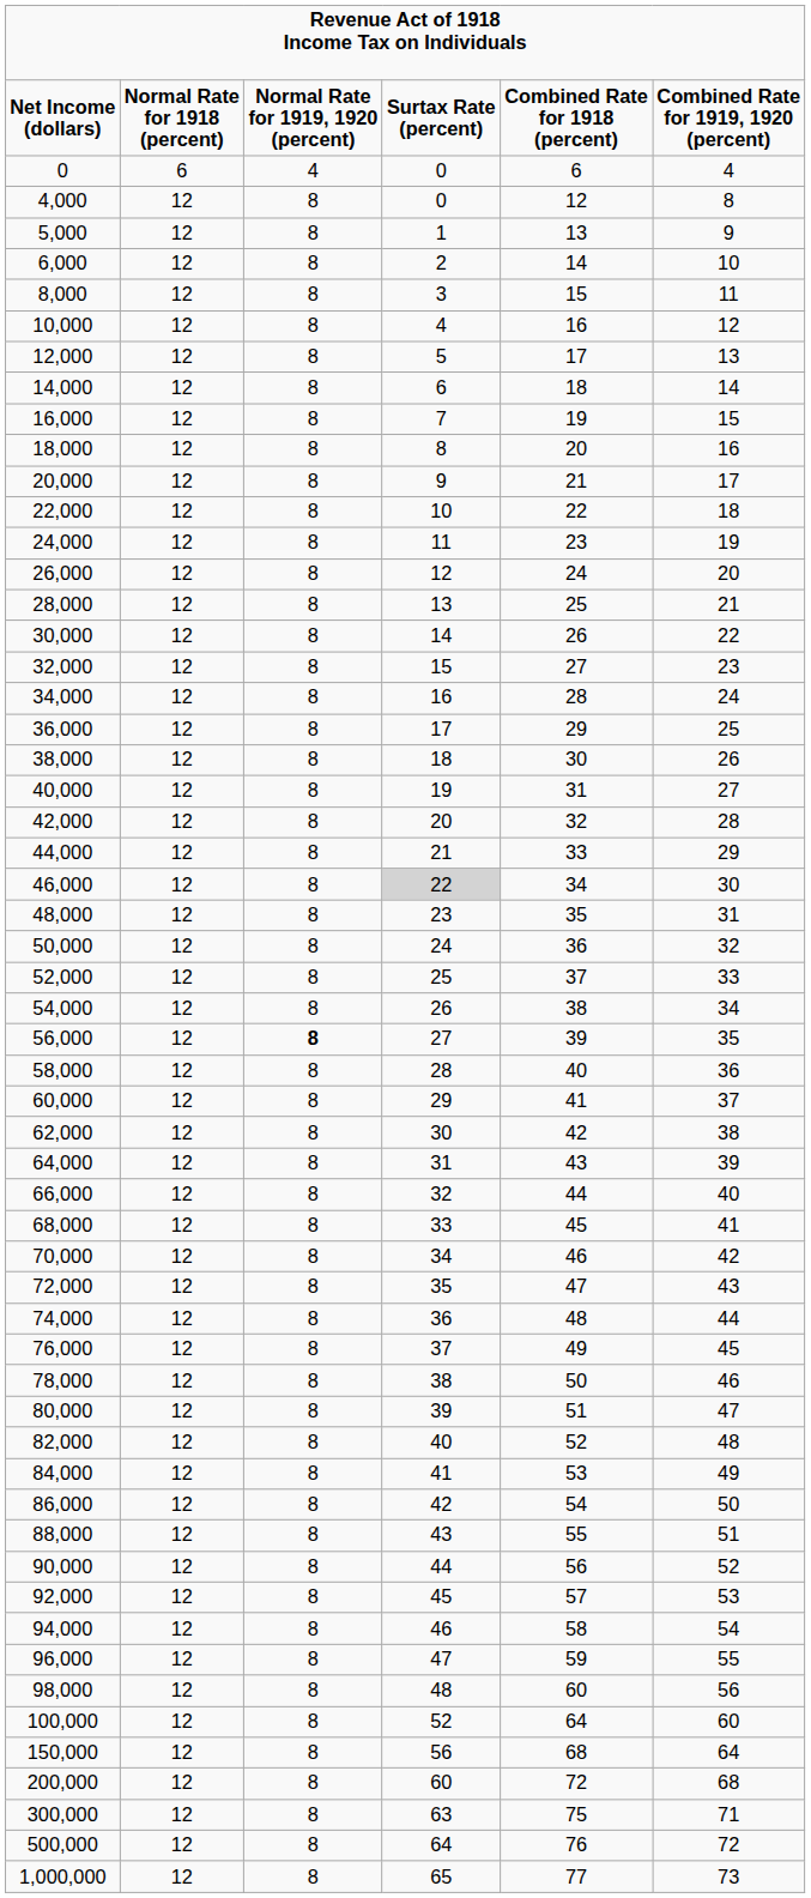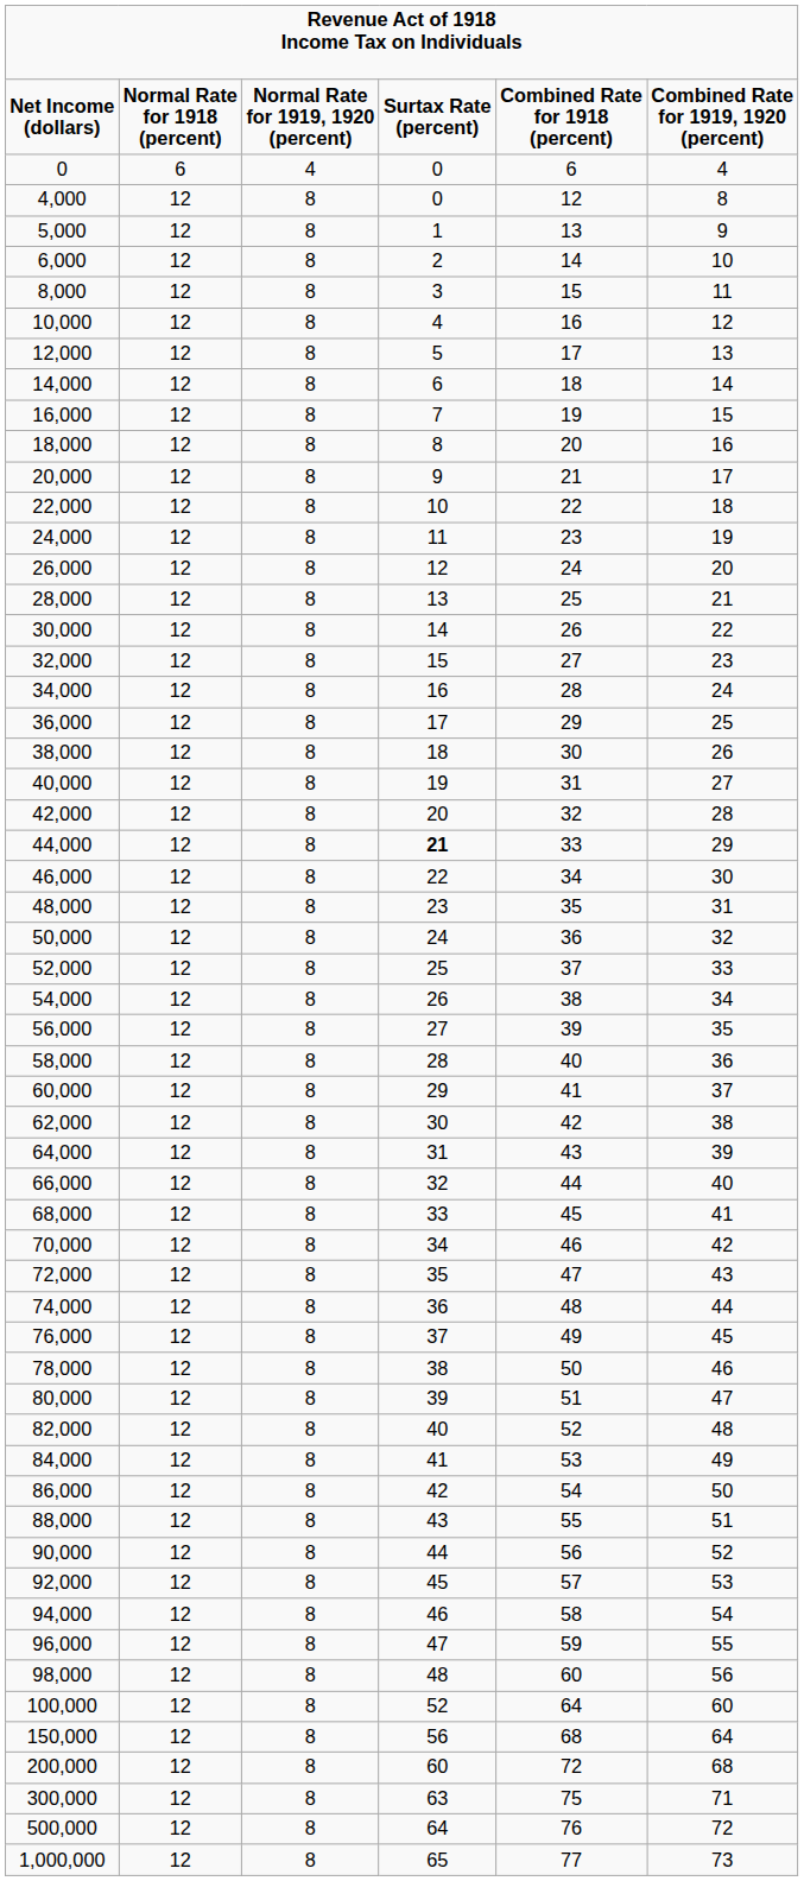 <table class="wikitable" style="text-align: center;">
 <tr>
 <td colspan="6"><strong>Revenue Act of 1918<br>Income Tax on Individuals</strong><br><br> </td>
 </tr>
 <tr>
 <td><strong>Net Income<br>(dollars)</strong></td>
 <td><strong>Normal Rate<br>for 1918<br>(percent)</strong></td>
 <td><strong>Normal Rate<br>for 1919, 1920<br>(percent)</strong></td>
 <td><strong>Surtax Rate<br>(percent)</strong></td>
 <td><strong>Combined Rate<br>for 1918<br>(percent)</strong></td>
 <td><strong>Combined Rate<br>for 1919, 1920<br>(percent)</strong></td>
 </tr>
 <tr>
 <td>0</td>
 <td>6</td>
 <td>4</td>
 <td>0</td>
 <td>6</td>
 <td>4</td>
 </tr>
 <tr>
 <td>4,000</td>
 <td>12</td>
 <td>8</td>
 <td>0</td>
 <td>12</td>
 <td>8</td>
 </tr>
 <tr>
 <td>5,000</td>
 <td>12</td>
 <td>8</td>
 <td>1</td>
 <td>13</td>
 <td>9</td>
 </tr>
 <tr>
 <td>6,000</td>
 <td>12</td>
 <td>8</td>
 <td>2</td>
 <td>14</td>
 <td>10</td>
 </tr>
 <tr>
 <td>8,000</td>
 <td>12</td>
 <td>8</td>
 <td>3</td>
 <td>15</td>
 <td>11</td>
 </tr>
 <tr>
 <td>10,000</td>
 <td>12</td>
 <td>8</td>
 <td>4</td>
 <td>16</td>
 <td>12</td>
 </tr>
 <tr>
 <td>12,000</td>
 <td>12</td>
 <td>8</td>
 <td>5</td>
 <td>17</td>
 <td>13</td>
 </tr>
 <tr>
 <td>14,000</td>
 <td>12</td>
 <td>8</td>
 <td>6</td>
 <td>18</td>
 <td>14</td>
 </tr>
 <tr>
 <td>16,000</td>
 <td>12</td>
 <td>8</td>
 <td>7</td>
 <td>19</td>
 <td>15</td>
 </tr>
 <tr>
 <td>18,000</td>
 <td>12</td>
 <td>8</td>
 <td>8</td>
 <td>20</td>
 <td>16</td>
 </tr>
 <tr>
 <td>20,000</td>
 <td>12</td>
 <td>8</td>
 <td>9</td>
 <td>21</td>
 <td>17</td>
 </tr>
 <tr>
 <td>22,000</td>
 <td>12</td>
 <td>8</td>
 <td>10</td>
 <td>22</td>
 <td>18</td>
 </tr>
 <tr>
 <td>24,000</td>
 <td>12</td>
 <td>8</td>
 <td>11</td>
 <td>23</td>
 <td>19</td>
 </tr>
 <tr>
 <td>26,000</td>
 <td>12</td>
 <td>8</td>
 <td>12</td>
 <td>24</td>
 <td>20</td>
 </tr>
 <tr>
 <td>28,000</td>
 <td>12</td>
 <td>8</td>
 <td>13</td>
 <td>25</td>
 <td>21</td>
 </tr>
 <tr>
 <td>30,000</td>
 <td>12</td>
 <td>8</td>
 <td>14</td>
 <td>26</td>
 <td>22</td>
 </tr>
 <tr>
 <td>32,000</td>
 <td>12</td>
 <td>8</td>
 <td>15</td>
 <td>27</td>
 <td>23</td>
 </tr>
 <tr>
 <td>34,000</td>
 <td>12</td>
 <td>8</td>
 <td>16</td>
 <td>28</td>
 <td>24</td>
 </tr>
 <tr>
 <td>36,000</td>
 <td>12</td>
 <td>8</td>
 <td>17</td>
 <td>29</td>
 <td>25</td>
 </tr>
 <tr>
 <td>38,000</td>
 <td>12</td>
 <td>8</td>
 <td>18</td>
 <td>30</td>
 <td>26</td>
 </tr>
 <tr>
 <td>40,000</td>
 <td>12</td>
 <td>8</td>
 <td>19</td>
 <td>31</td>
 <td>27</td>
 </tr>
 <tr>
 <td>42,000</td>
 <td>12</td>
 <td>8</td>
 <td>20</td>
 <td>32</td>
 <td>28</td>
 </tr>
 <tr>
 <td>44,000</td>
 <td>12</td>
 <td>8</td>
-<td>21</td>
+<td><strong>21</strong></td>
 <td>33</td>
 <td>29</td>
 </tr>
 <tr>
 <td>46,000</td>
 <td>12</td>
 <td>8</td>
-<td style="background: lightgrey;">22</td>
+<td>22</td>
 <td>34</td>
 <td>30</td>
 </tr>
 <tr>
 <td>48,000</td>
 <td>12</td>
 <td>8</td>
 <td>23</td>
 <td>35</td>
 <td>31</td>
 </tr>
 <tr>
 <td>50,000</td>
 <td>12</td>
 <td>8</td>
 <td>24</td>
 <td>36</td>
 <td>32</td>
 </tr>
 <tr>
 <td>52,000</td>
 <td>12</td>
 <td>8</td>
 <td>25</td>
 <td>37</td>
 <td>33</td>
 </tr>
 <tr>
 <td>54,000</td>
 <td>12</td>
 <td>8</td>
 <td>26</td>
 <td>38</td>
 <td>34</td>
 </tr>
 <tr>
 <td>56,000</td>
 <td>12</td>
-<td><strong>8</strong></td>
+<td>8</td>
 <td>27</td>
 <td>39</td>
 <td>35</td>
 </tr>
 <tr>
 <td>58,000</td>
 <td>12</td>
 <td>8</td>
 <td>28</td>
 <td>40</td>
 <td>36</td>
 </tr>
 <tr>
 <td>60,000</td>
 <td>12</td>
 <td>8</td>
 <td>29</td>
 <td>41</td>
 <td>37</td>
 </tr>
 <tr>
 <td>62,000</td>
 <td>12</td>
 <td>8</td>
 <td>30</td>
 <td>42</td>
 <td>38</td>
 </tr>
 <tr>
 <td>64,000</td>
 <td>12</td>
 <td>8</td>
 <td>31</td>
 <td>43</td>
 <td>39</td>
 </tr>
 <tr>
 <td>66,000</td>
 <td>12</td>
 <td>8</td>
 <td>32</td>
 <td>44</td>
 <td>40</td>
 </tr>
 <tr>
 <td>68,000</td>
 <td>12</td>
 <td>8</td>
 <td>33</td>
 <td>45</td>
 <td>41</td>
 </tr>
 <tr>
 <td>70,000</td>
 <td>12</td>
 <td>8</td>
 <td>34</td>
 <td>46</td>
 <td>42</td>
 </tr>
 <tr>
 <td>72,000</td>
 <td>12</td>
 <td>8</td>
 <td>35</td>
 <td>47</td>
 <td>43</td>
 </tr>
 <tr>
 <td>74,000</td>
 <td>12</td>
 <td>8</td>
 <td>36</td>
 <td>48</td>
 <td>44</td>
 </tr>
 <tr>
 <td>76,000</td>
 <td>12</td>
 <td>8</td>
 <td>37</td>
 <td>49</td>
 <td>45</td>
 </tr>
 <tr>
 <td>78,000</td>
 <td>12</td>
 <td>8</td>
 <td>38</td>
 <td>50</td>
 <td>46</td>
 </tr>
 <tr>
 <td>80,000</td>
 <td>12</td>
 <td>8</td>
 <td>39</td>
 <td>51</td>
 <td>47</td>
 </tr>
 <tr>
 <td>82,000</td>
 <td>12</td>
 <td>8</td>
 <td>40</td>
 <td>52</td>
 <td>48</td>
 </tr>
 <tr>
 <td>84,000</td>
 <td>12</td>
 <td>8</td>
 <td>41</td>
 <td>53</td>
 <td>49</td>
 </tr>
 <tr>
 <td>86,000</td>
 <td>12</td>
 <td>8</td>
 <td>42</td>
 <td>54</td>
 <td>50</td>
 </tr>
 <tr>
 <td>88,000</td>
 <td>12</td>
 <td>8</td>
 <td>43</td>
 <td>55</td>
 <td>51</td>
 </tr>
 <tr>
 <td>90,000</td>
 <td>12</td>
 <td>8</td>
 <td>44</td>
 <td>56</td>
 <td>52</td>
 </tr>
 <tr>
 <td>92,000</td>
 <td>12</td>
 <td>8</td>
 <td>45</td>
 <td>57</td>
 <td>53</td>
 </tr>
 <tr>
 <td>94,000</td>
 <td>12</td>
 <td>8</td>
 <td>46</td>
 <td>58</td>
 <td>54</td>
 </tr>
 <tr>
 <td>96,000</td>
 <td>12</td>
 <td>8</td>
 <td>47</td>
 <td>59</td>
 <td>55</td>
 </tr>
 <tr>
 <td>98,000</td>
 <td>12</td>
 <td>8</td>
 <td>48</td>
 <td>60</td>
 <td>56</td>
 </tr>
 <tr>
 <td>100,000</td>
 <td>12</td>
 <td>8</td>
 <td>52</td>
 <td>64</td>
 <td>60</td>
 </tr>
 <tr>
 <td>150,000</td>
 <td>12</td>
 <td>8</td>
 <td>56</td>
 <td>68</td>
 <td>64</td>
 </tr>
 <tr>
 <td>200,000</td>
 <td>12</td>
 <td>8</td>
 <td>60</td>
 <td>72</td>
 <td>68</td>
 </tr>
 <tr>
 <td>300,000</td>
 <td>12</td>
 <td>8</td>
 <td>63</td>
 <td>75</td>
 <td>71</td>
 </tr>
 <tr>
 <td>500,000</td>
 <td>12</td>
 <td>8</td>
 <td>64</td>
 <td>76</td>
 <td>72</td>
 </tr>
 <tr>
 <td>1,000,000</td>
 <td>12</td>
 <td>8</td>
 <td>65</td>
 <td>77</td>
 <td>73</td>
 </tr>
 </table>
